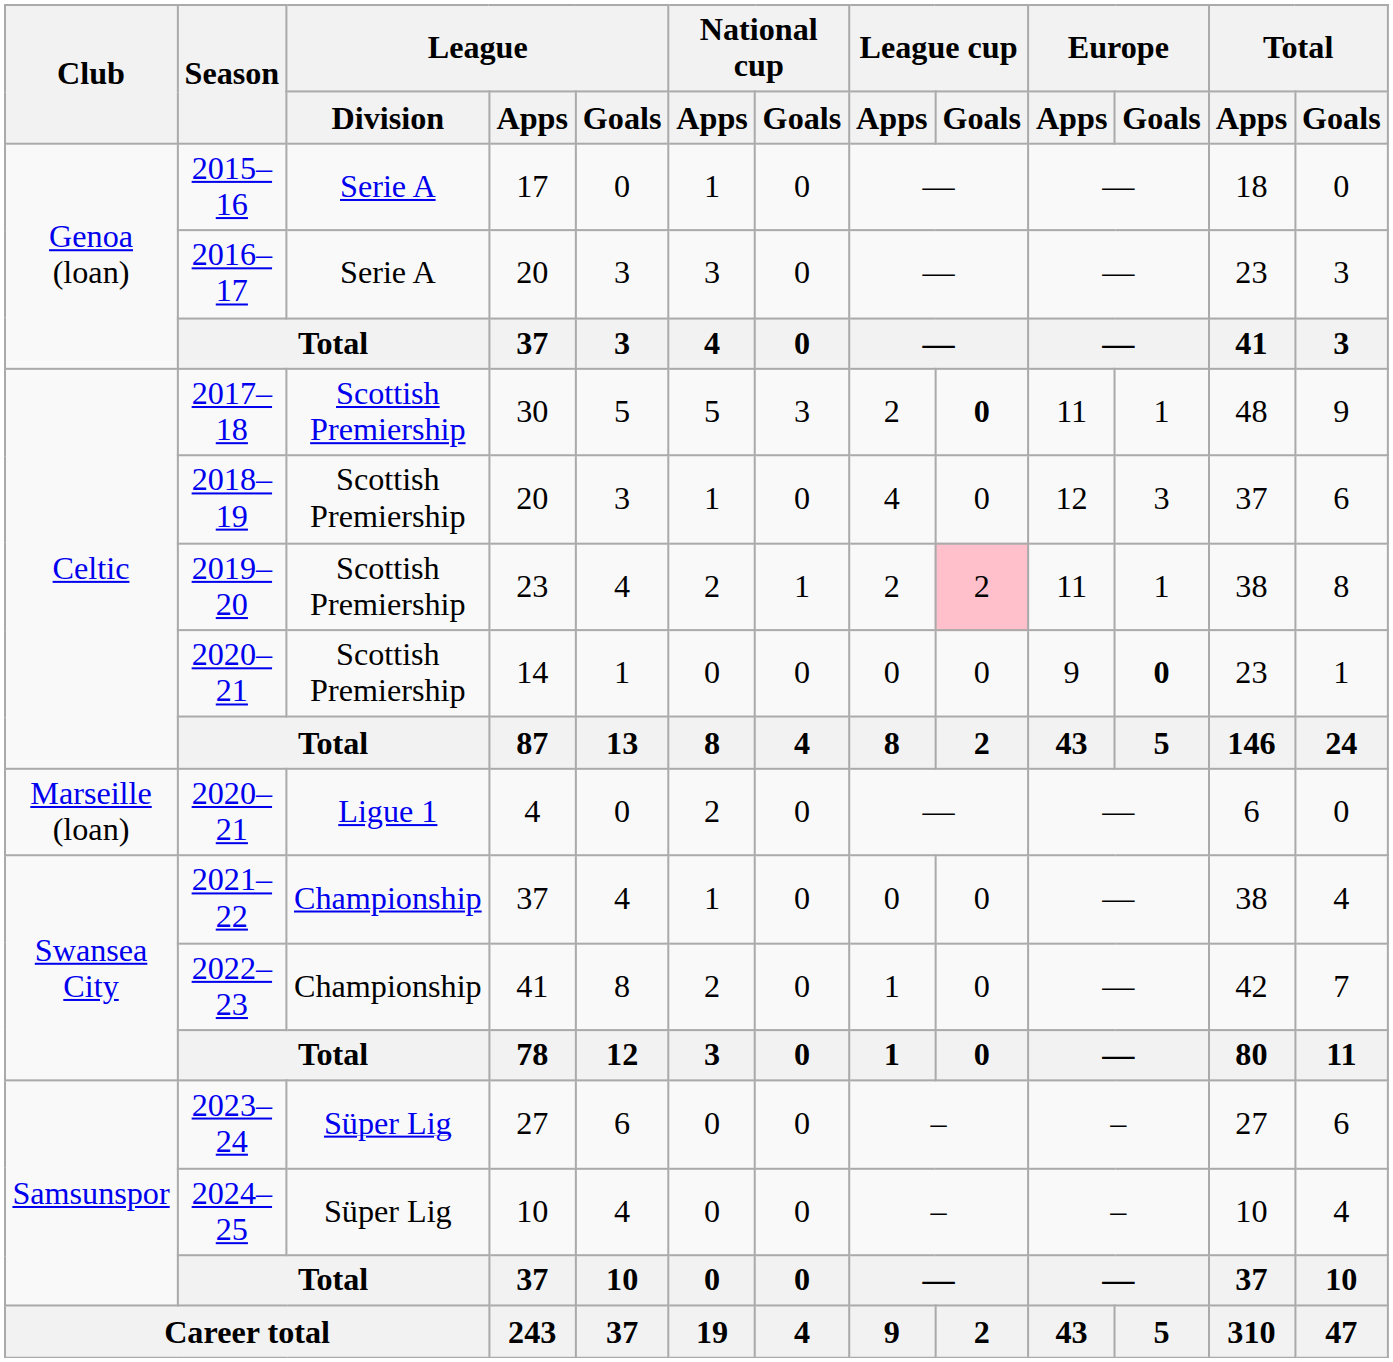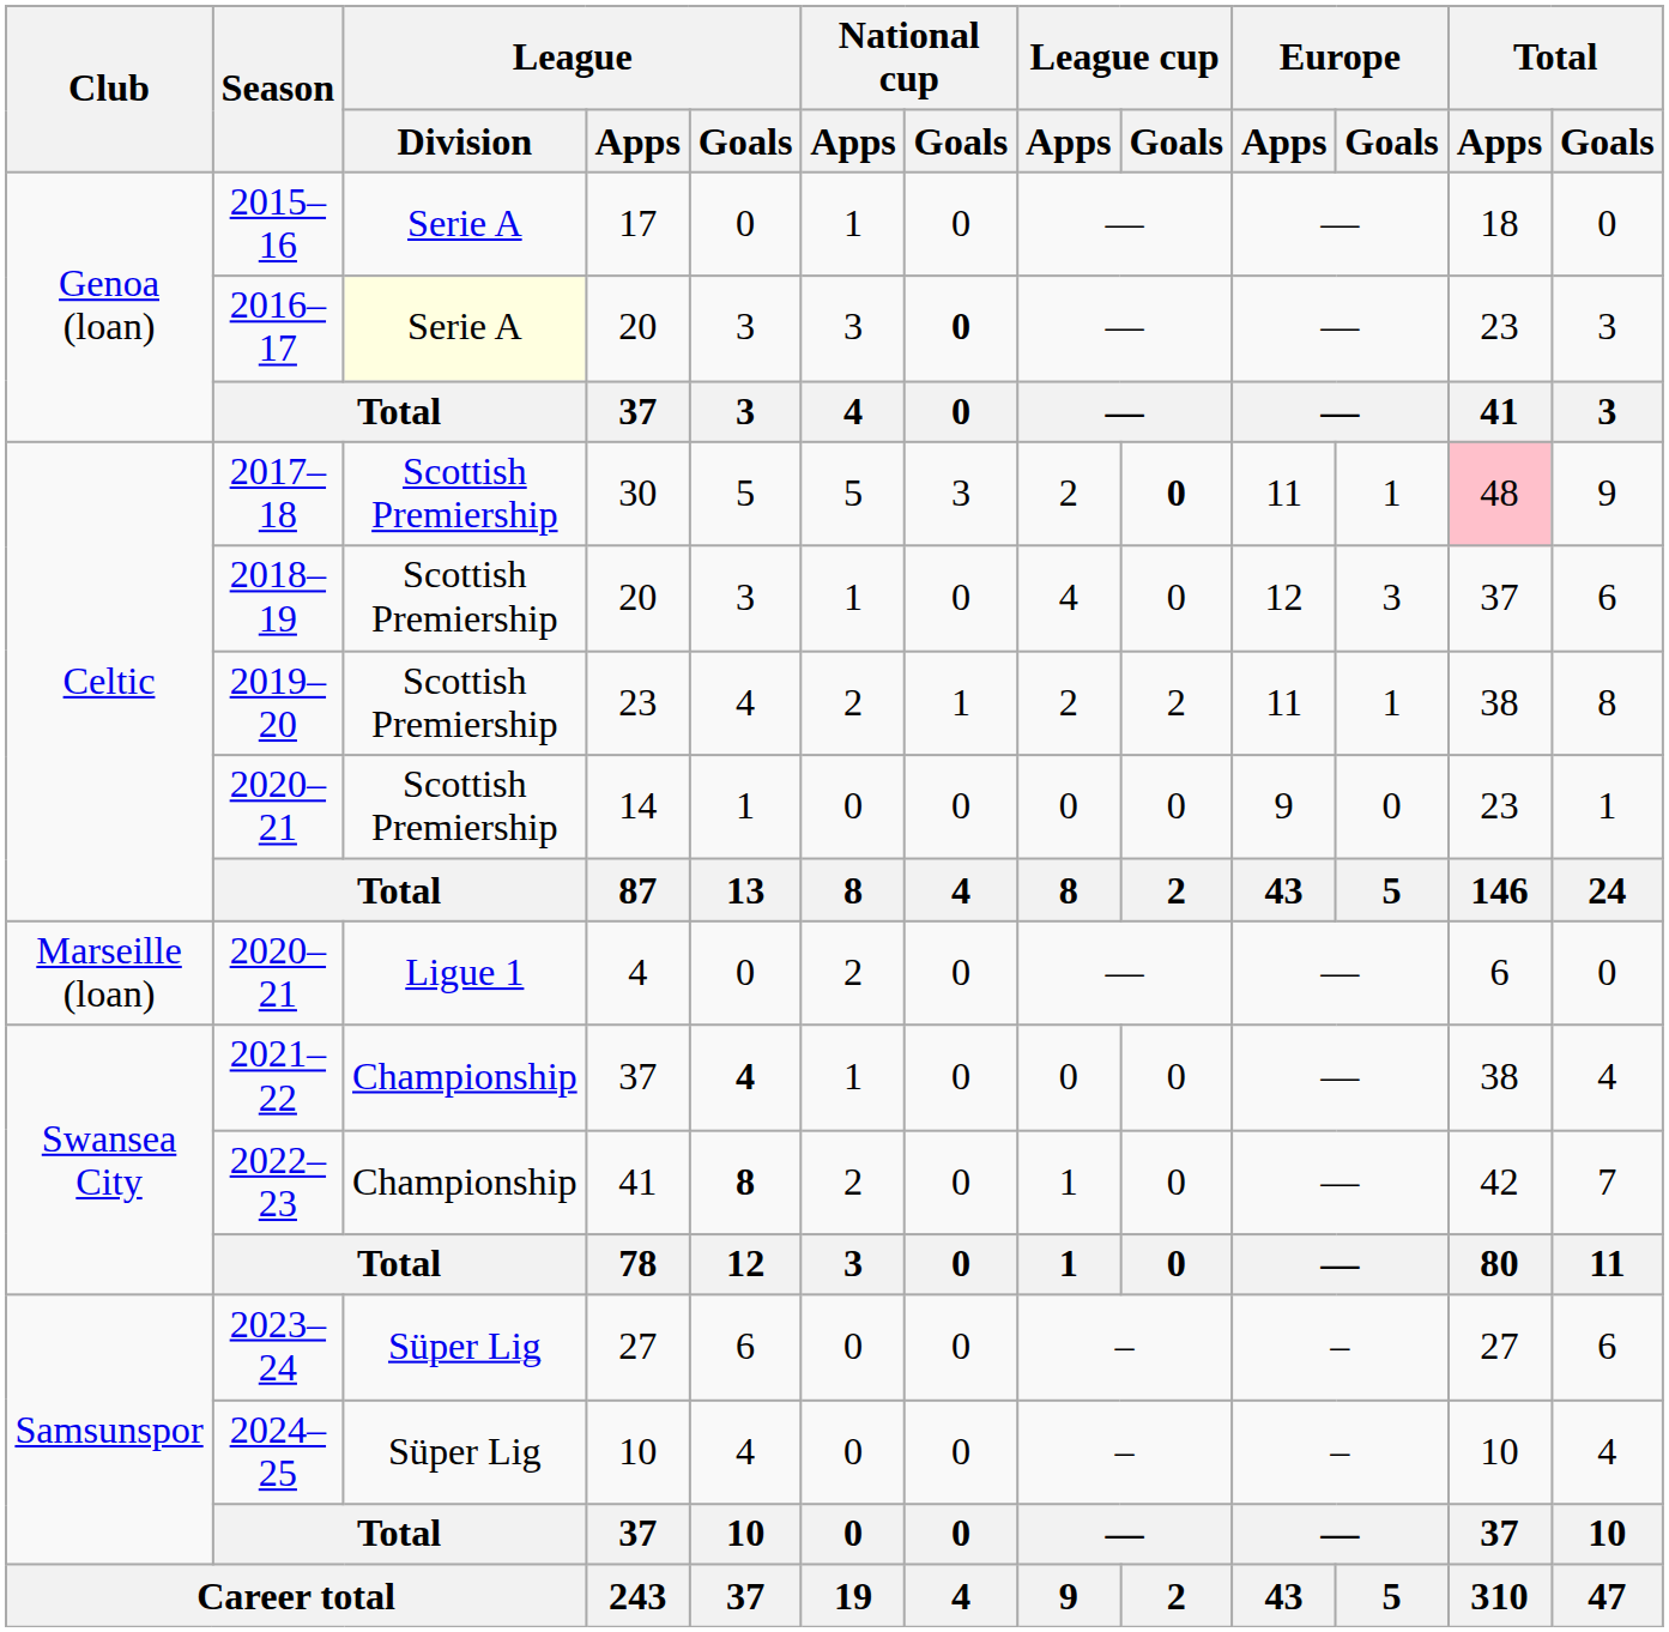 <table class="wikitable" style="text-align: center;">
 <tr>
 <th rowspan="2">Club</th>
 <th rowspan="2">Season</th>
 <th colspan="3">League</th>
 <th colspan="2">National cup</th>
 <th colspan="2">League cup</th>
 <th colspan="2">Europe</th>
 <th colspan="2">Total</th>
 </tr>
 <tr>
 <th>Division</th>
 <th>Apps</th>
 <th>Goals</th>
 <th>Apps</th>
 <th>Goals</th>
 <th>Apps</th>
 <th>Goals</th>
 <th>Apps</th>
 <th>Goals</th>
 <th>Apps</th>
 <th>Goals</th>
 </tr>
 <tr>
 <td rowspan="3"><a href='#'>Genoa</a> (loan)</td>
 <td><a href='#'>2015–16</a></td>
 <td><a href='#'>Serie A</a></td>
 <td>17</td>
 <td>0</td>
 <td>1</td>
 <td>0</td>
 <td colspan=2>—</td>
 <td colspan=2>—</td>
 <td>18</td>
 <td>0</td>
 </tr>
 <tr>
 <td><a href='#'>2016–17</a></td>
-<td>Serie A</td>
+<td style="background: lightyellow;">Serie A</td>
 <td>20</td>
 <td>3</td>
 <td>3</td>
-<td>0</td>
+<td><strong>0</strong></td>
 <td colspan="2">—</td>
 <td colspan="2">—</td>
 <td>23</td>
 <td>3</td>
 </tr>
 <tr>
 <th colspan="2">Total</th>
 <th>37</th>
 <th>3</th>
 <th>4</th>
 <th>0</th>
 <th colspan="2">—</th>
 <th colspan="2">—</th>
 <th>41</th>
 <th>3</th>
 </tr>
 <tr>
 <td rowspan="5"><a href='#'>Celtic</a></td>
 <td><a href='#'>2017–18</a></td>
 <td><a href='#'>Scottish Premiership</a></td>
 <td>30</td>
 <td>5</td>
 <td>5</td>
 <td>3</td>
 <td>2</td>
 <td><strong>0</strong></td>
 <td>11</td>
 <td>1</td>
-<td>48</td>
+<td style="background: pink;">48</td>
 <td>9</td>
 </tr>
 <tr>
 <td><a href='#'>2018–19</a></td>
 <td>Scottish Premiership</td>
 <td>20</td>
 <td>3</td>
 <td>1</td>
 <td>0</td>
 <td>4</td>
 <td>0</td>
 <td>12</td>
 <td>3</td>
 <td>37</td>
 <td>6</td>
 </tr>
 <tr>
 <td><a href='#'>2019–20</a></td>
 <td>Scottish Premiership</td>
 <td>23</td>
 <td>4</td>
 <td>2</td>
 <td>1</td>
 <td>2</td>
-<td style="background: pink;">2</td>
+<td>2</td>
 <td>11</td>
 <td>1</td>
 <td>38</td>
 <td>8</td>
 </tr>
 <tr>
 <td><a href='#'>2020–21</a></td>
 <td>Scottish Premiership</td>
 <td>14</td>
 <td>1</td>
 <td>0</td>
 <td>0</td>
 <td>0</td>
 <td>0</td>
 <td>9</td>
-<td><strong>0</strong></td>
+<td>0</td>
 <td>23</td>
 <td>1</td>
 </tr>
 <tr>
 <th colspan="2">Total</th>
 <th>87</th>
 <th>13</th>
 <th>8</th>
 <th>4</th>
 <th>8</th>
 <th>2</th>
 <th>43</th>
 <th>5</th>
 <th>146</th>
 <th>24</th>
 </tr>
 <tr>
 <td><a href='#'>Marseille</a> (loan)</td>
 <td><a href='#'>2020–21</a></td>
 <td><a href='#'>Ligue 1</a></td>
 <td>4</td>
 <td>0</td>
 <td>2</td>
 <td>0</td>
 <td colspan=2>—</td>
 <td colspan=2>—</td>
 <td>6</td>
 <td>0</td>
 </tr>
 <tr>
 <td rowspan="3"><a href='#'>Swansea City</a></td>
 <td><a href='#'>2021–22</a></td>
 <td><a href='#'>Championship</a></td>
 <td>37</td>
-<td>4</td>
+<td><strong>4</strong></td>
 <td>1</td>
 <td>0</td>
 <td>0</td>
 <td>0</td>
 <td colspan=2>—</td>
 <td>38</td>
 <td>4</td>
 </tr>
 <tr>
 <td><a href='#'>2022–23</a></td>
 <td>Championship</td>
 <td>41</td>
-<td>8</td>
+<td><strong>8</strong></td>
 <td>2</td>
 <td>0</td>
 <td>1</td>
 <td>0</td>
 <td colspan=2>—</td>
 <td>42</td>
 <td>7</td>
 </tr>
 <tr>
 <th colspan="2">Total</th>
 <th>78</th>
 <th>12</th>
 <th>3</th>
 <th>0</th>
 <th>1</th>
 <th>0</th>
 <th colspan=2>—</th>
 <th>80</th>
 <th>11</th>
 </tr>
 <tr>
 <td rowspan="3"><a href='#'>Samsunspor</a></td>
 <td><a href='#'>2023–24</a></td>
 <td><a href='#'>Süper Lig</a></td>
 <td>27</td>
 <td>6</td>
 <td>0</td>
 <td>0</td>
 <td colspan="2">–</td>
 <td colspan="2">–</td>
 <td>27</td>
 <td>6</td>
 </tr>
 <tr>
 <td><a href='#'>2024–25</a></td>
 <td>Süper Lig</td>
 <td>10</td>
 <td>4</td>
 <td>0</td>
 <td>0</td>
 <td colspan="2">–</td>
 <td colspan="2">–</td>
 <td>10</td>
 <td>4</td>
 </tr>
 <tr>
 <th colspan="2">Total</th>
 <th>37</th>
 <th>10</th>
 <th>0</th>
 <th>0</th>
 <th colspan=2>—</th>
 <th colspan=2>—</th>
 <th>37</th>
 <th>10</th>
 </tr>
 <tr>
 <th colspan="3">Career total</th>
 <th>243</th>
 <th>37</th>
 <th>19</th>
 <th>4</th>
 <th>9</th>
 <th>2</th>
 <th>43</th>
 <th>5</th>
 <th>310</th>
 <th>47</th>
 </tr>
 </table>
